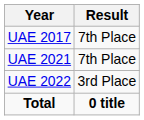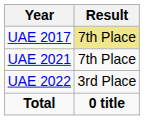 <table class="wikitable" style="text-align: center;">
 <tr>
 <th>Year</th>
 <th>Result</th>
 </tr>
 <tr>
 <td style="text-align:left;"> <a href='#'>UAE 2017</a></td>
-<td>7th Place</td>
+<td style="background: khaki;">7th Place</td>
 </tr>
 <tr>
 <td style="text-align:left;"> <a href='#'>UAE 2021</a></td>
 <td>7th Place</td>
 </tr>
 <tr>
 <td style="text-align:left;"> <a href='#'>UAE 2022</a></td>
 <td>3rd Place</td>
 </tr>
 <tr>
 <td><strong>Total</strong></td>
 <td><strong>0 title</strong></td>
 </tr>
 </table>
